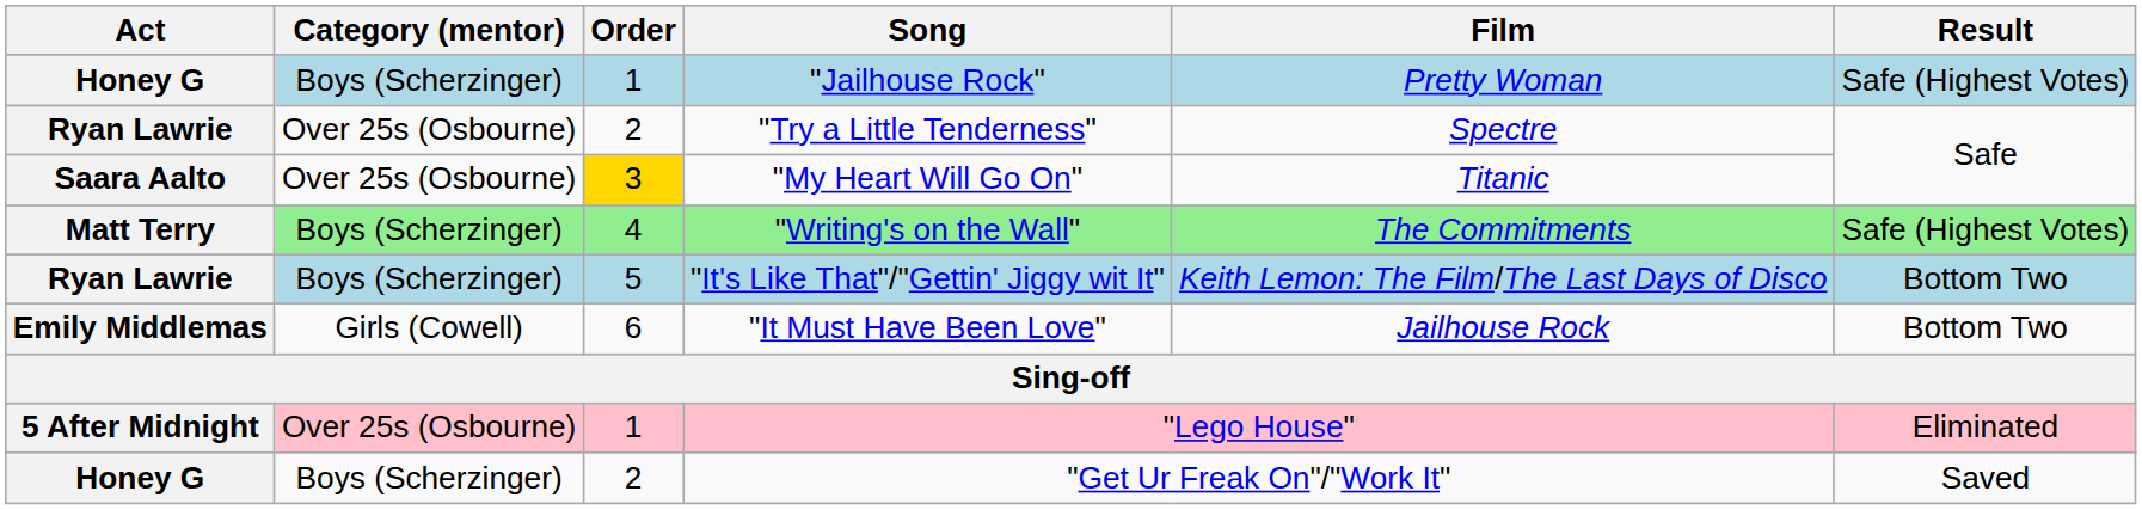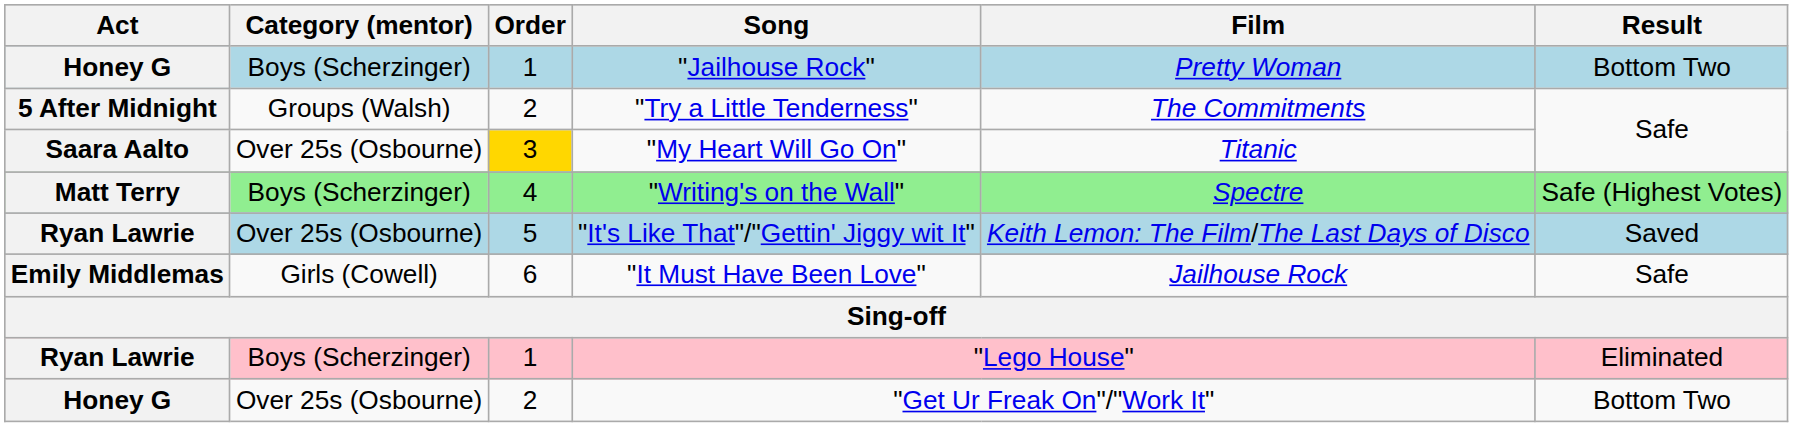 <table class="wikitable plainrowheaders" style="text-align:center;">
 <tr>
 <th scope="col">Act</th>
 <th scope="col">Category (mentor)</th>
 <th scope="col">Order</th>
 <th scope="col">Song</th>
 <th scope="col">Film</th>
 <th scope="col">Result</th>
 </tr>
 <tr style="background:lightblue;">
 <th scope="row">Honey G</th>
 <td>Boys (Scherzinger)</td>
 <td>1</td>
 <td>"<a href='#'>Jailhouse Rock</a>"</td>
 <td><em><a href='#'>Pretty Woman</a></em></td>
-<td>Safe (Highest Votes)</td>
+<td>Bottom Two</td>
 </tr>
 <tr>
-<th scope="row">Ryan Lawrie</th>
-<td>Over 25s (Osbourne)</td>
+<th scope="row">5 After Midnight</th>
+<td>Groups (Walsh)</td>
 <td>2</td>
 <td>"<a href='#'>Try a Little Tenderness</a>"</td>
-<td><em><a href='#'>Spectre</a></em></td>
+<td><em><a href='#'>The Commitments</a></em></td>
 <td rowspan=2>Safe</td>
 </tr>
 <tr>
 <th scope="row">Saara Aalto</th>
 <td>Over 25s (Osbourne)</td>
 <td style="background: gold;">3</td>
 <td>"<a href='#'>My Heart Will Go On</a>"</td>
 <td><em><a href='#'>Titanic</a></em></td>
 </tr>
 <tr style="background:lightgreen;">
 <th scope="row">Matt Terry</th>
 <td>Boys (Scherzinger)</td>
 <td>4</td>
 <td>"<a href='#'>Writing's on the Wall</a>"</td>
-<td><em><a href='#'>The Commitments</a></em></td>
+<td><em><a href='#'>Spectre</a></em></td>
 <td>Safe (Highest Votes)</td>
 </tr>
 <tr style="background:lightblue;">
 <th scope="row">Ryan Lawrie</th>
-<td>Boys (Scherzinger)</td>
+<td>Over 25s (Osbourne)</td>
 <td>5</td>
 <td>"<a href='#'>It's Like That</a>"/"<a href='#'>Gettin' Jiggy wit It</a>"</td>
 <td><em><a href='#'>Keith Lemon: The Film</a></em>/<em><a href='#'>The Last Days of Disco</a></em></td>
-<td>Bottom Two</td>
+<td>Saved</td>
 </tr>
 <tr>
 <th scope="row">Emily Middlemas</th>
 <td>Girls (Cowell)</td>
 <td>6</td>
 <td>"<a href='#'>It Must Have Been Love</a>"</td>
 <td><em><a href='#'>Jailhouse Rock</a></em></td>
-<td>Bottom Two</td>
+<td>Safe</td>
 </tr>
 <tr>
 <th colspan="6">Sing-off</th>
 </tr>
 <tr style="background:pink;">
-<th scope="row">5 After Midnight</th>
-<td>Over 25s (Osbourne)</td>
+<th scope="row">Ryan Lawrie</th>
+<td>Boys (Scherzinger)</td>
 <td>1</td>
 <td colspan="2">"<a href='#'>Lego House</a>"</td>
 <td>Eliminated</td>
 </tr>
 <tr>
 <th scope="row">Honey G</th>
-<td>Boys (Scherzinger)</td>
+<td>Over 25s (Osbourne)</td>
 <td>2</td>
 <td colspan="2">"<a href='#'>Get Ur Freak On</a>"/"<a href='#'>Work It</a>"</td>
-<td>Saved</td>
+<td>Bottom Two</td>
 </tr>
 </table>
